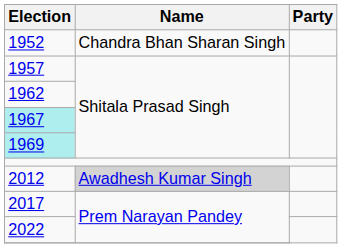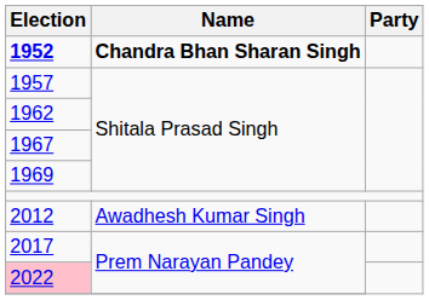 <table class="wikitable sortable">
 <tr>
 <th>Election</th>
 <th>Name</th>
 <th colspan=2>Party</th>
 </tr>
 <tr>
-<td><a href='#'>1952</a></td>
-<td>Chandra Bhan Sharan Singh</td>
+<td><strong><a href='#'>1952</a></strong></td>
+<td><strong>Chandra Bhan Sharan Singh</strong></td>
 <td></td>
 </tr>
 <tr>
 <td><a href='#'>1957</a></td>
 <td rowspan="4">Shitala Prasad Singh</td>
 </tr>
 <tr>
 <td><a href='#'>1962</a></td>
 </tr>
 <tr>
-<td style="background: paleturquoise;"><a href='#'>1967</a></td>
+<td><a href='#'>1967</a></td>
 </tr>
 <tr>
-<td style="background: paleturquoise;"><a href='#'>1969</a></td>
+<td><a href='#'>1969</a></td>
 </tr>
 <tr>
 <td colspan="4"></td>
 </tr>
 <tr>
 <td><a href='#'>2012</a></td>
-<td style="background: lightgrey;"><a href='#'>Awadhesh Kumar Singh</a></td>
+<td><a href='#'>Awadhesh Kumar Singh</a></td>
 <td></td>
 </tr>
 <tr>
 <td><a href='#'>2017</a></td>
 <td rowspan=2><a href='#'>Prem Narayan Pandey</a></td>
 <td></td>
 </tr>
 <tr>
-<td><a href='#'>2022</a></td>
+<td style="background: pink;"><a href='#'>2022</a></td>
 </tr>
 <tr>
 </tr>
 </table>
